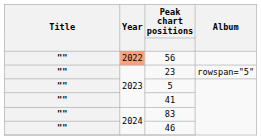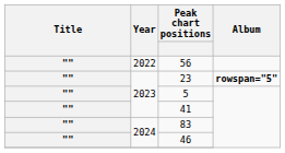 <table class="wikitable plainrowheaders" style="text-align:center;">
 <tr>
 <th scope="col" rowspan="2" style="width:13em;">Title</th>
 <th scope="col" rowspan="2" style="width:1em;">Year</th>
 <th colspan="1">Peak chart positions</th>
 <th scope="col" rowspan="2">Album</th>
 </tr>
 <tr>
 <th scope="col" style="width:3em;font-size:90%;"><a href='#'></a><br></th>
 </tr>
 <tr>
 <th scope="row">""<br></th>
-<td style="background: lightsalmon;">2022</td>
+<td>2022</td>
 <td>56</td>
 <td><em></em></td>
 </tr>
 <tr>
 <th scope="row">""<br></th>
 <td rowspan="3">2023</td>
 <td>23</td>
-<td>rowspan="5" </td>
+<td><strong>rowspan="5" </strong></td>
 </tr>
 <tr>
 <th scope="row">""<br></th>
 <td>5</td>
 </tr>
 <tr>
 <th scope="row">""</th>
 <td>41</td>
 </tr>
 <tr>
 <th scope="row">""</th>
 <td rowspan="2">2024</td>
 <td>83</td>
 </tr>
 <tr>
 <th scope="row">""</th>
 <td>46</td>
 </tr>
 <tr>
 </tr>
 </table>
